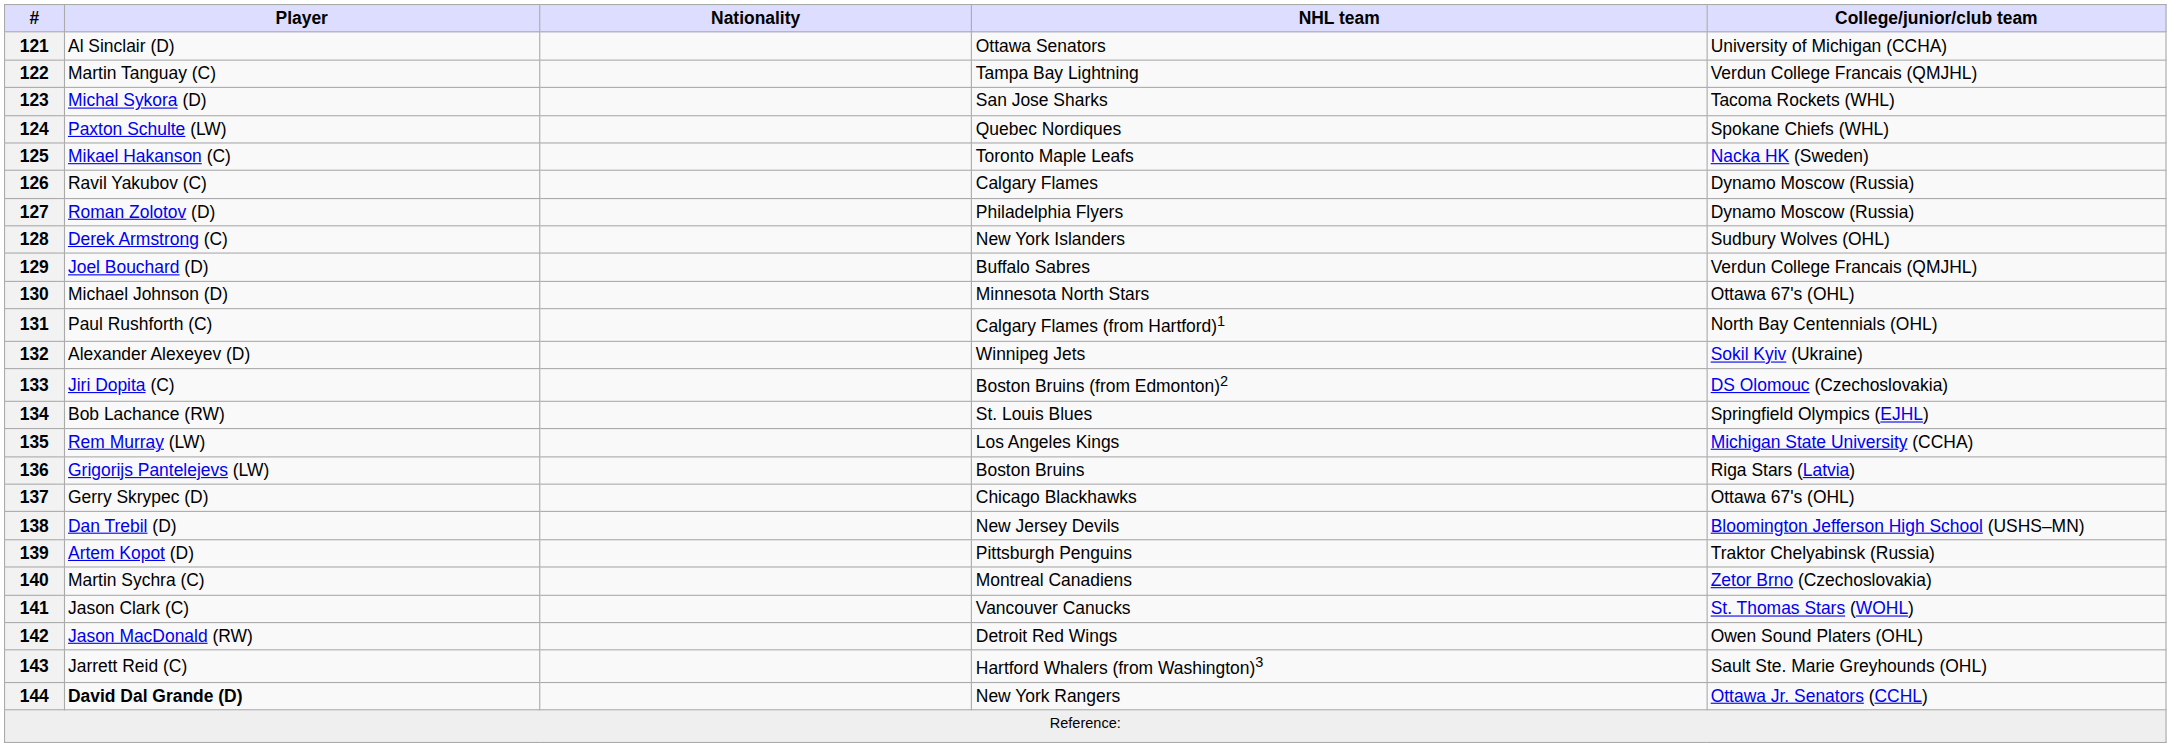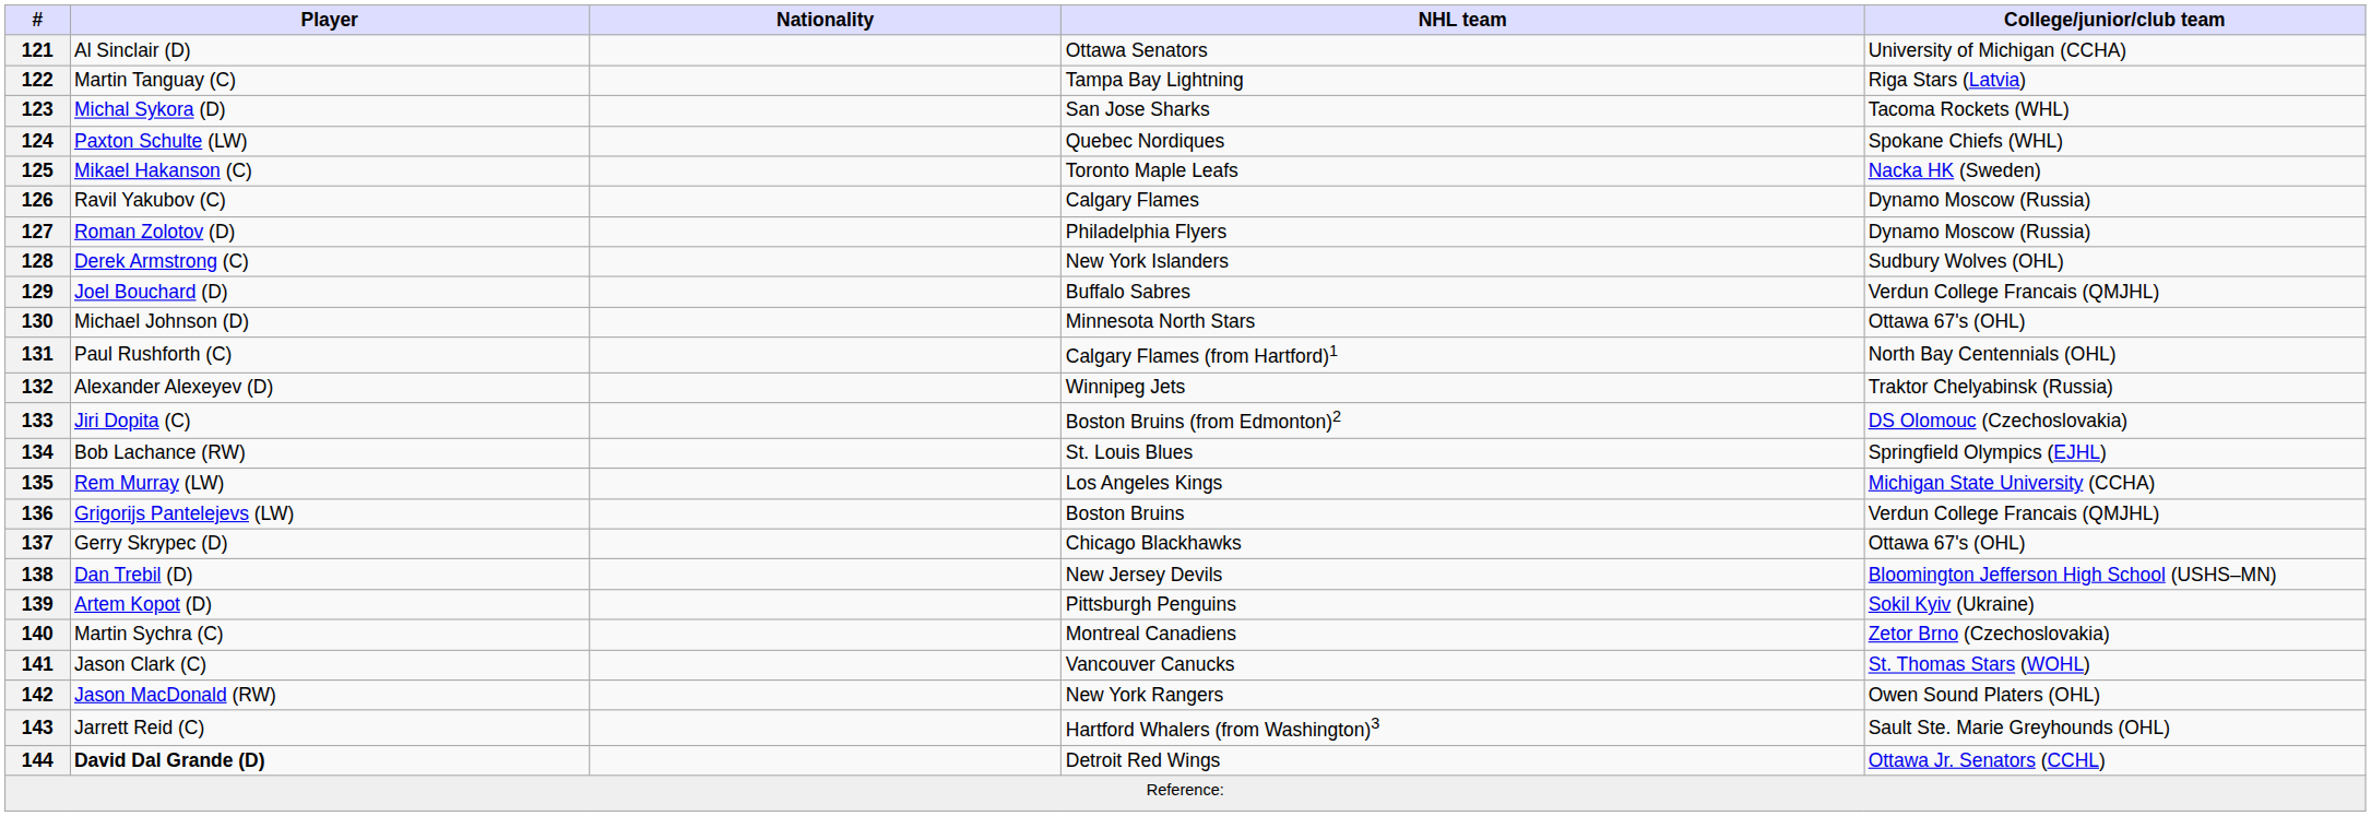 <table class="wikitable" style="width: 100%">
 <tr>
 <th style="background:#ddf; width:2.75%;">#</th>
 <th style="background:#ddf; width:22.0%;">Player</th>
 <th style="background:#ddf; width:20.0%;">Nationality</th>
 <th style="background:#ddf; width:34.0%;">NHL team</th>
 <th style="background:#ddf; width:100.0%;">College/junior/club team</th>
 </tr>
 <tr>
 <th>121</th>
 <td>Al Sinclair (D)</td>
 <td></td>
 <td>Ottawa Senators</td>
 <td>University of Michigan (CCHA)</td>
 </tr>
 <tr>
 <th>122</th>
 <td>Martin Tanguay (C)</td>
 <td></td>
 <td>Tampa Bay Lightning</td>
-<td>Verdun College Francais (QMJHL)</td>
+<td>Riga Stars (<a href='#'>Latvia</a>)</td>
 </tr>
 <tr>
 <th>123</th>
 <td><a href='#'>Michal Sykora</a> (D)</td>
 <td></td>
 <td>San Jose Sharks</td>
 <td>Tacoma Rockets (WHL)</td>
 </tr>
 <tr>
 <th>124</th>
 <td><a href='#'>Paxton Schulte</a> (LW)</td>
 <td></td>
 <td>Quebec Nordiques</td>
 <td>Spokane Chiefs (WHL)</td>
 </tr>
 <tr>
 <th>125</th>
 <td><a href='#'>Mikael Hakanson</a> (C)</td>
 <td></td>
 <td>Toronto Maple Leafs</td>
 <td><a href='#'>Nacka HK</a> (Sweden)</td>
 </tr>
 <tr>
 <th>126</th>
 <td>Ravil Yakubov (C)</td>
 <td></td>
 <td>Calgary Flames</td>
 <td>Dynamo Moscow (Russia)</td>
 </tr>
 <tr>
 <th>127</th>
 <td><a href='#'>Roman Zolotov</a> (D)</td>
 <td></td>
 <td>Philadelphia Flyers</td>
 <td>Dynamo Moscow (Russia)</td>
 </tr>
 <tr>
 <th>128</th>
 <td><a href='#'>Derek Armstrong</a> (C)</td>
 <td></td>
 <td>New York Islanders</td>
 <td>Sudbury Wolves (OHL)</td>
 </tr>
 <tr>
 <th>129</th>
 <td><a href='#'>Joel Bouchard</a> (D)</td>
 <td></td>
 <td>Buffalo Sabres</td>
 <td>Verdun College Francais (QMJHL)</td>
 </tr>
 <tr>
 <th>130</th>
 <td>Michael Johnson (D)</td>
 <td></td>
 <td>Minnesota North Stars</td>
 <td>Ottawa 67's (OHL)</td>
 </tr>
 <tr>
 <th>131</th>
 <td>Paul Rushforth (C)</td>
 <td></td>
 <td>Calgary Flames (from Hartford)<sup>1</sup></td>
 <td>North Bay Centennials (OHL)</td>
 </tr>
 <tr>
 <th>132</th>
 <td>Alexander Alexeyev (D)</td>
 <td></td>
 <td>Winnipeg Jets</td>
-<td><a href='#'>Sokil Kyiv</a> (Ukraine)</td>
+<td>Traktor Chelyabinsk (Russia)</td>
 </tr>
 <tr>
 <th>133</th>
 <td><a href='#'>Jiri Dopita</a> (C)</td>
 <td></td>
 <td>Boston Bruins (from Edmonton)<sup>2</sup></td>
 <td><a href='#'>DS Olomouc</a> (Czechoslovakia)</td>
 </tr>
 <tr>
 <th>134</th>
 <td>Bob Lachance (RW)</td>
 <td></td>
 <td>St. Louis Blues</td>
 <td>Springfield Olympics (<a href='#'>EJHL</a>)</td>
 </tr>
 <tr>
 <th>135</th>
 <td><a href='#'>Rem Murray</a> (LW)</td>
 <td></td>
 <td>Los Angeles Kings</td>
 <td><a href='#'>Michigan State University</a> (CCHA)</td>
 </tr>
 <tr>
 <th>136</th>
 <td><a href='#'>Grigorijs Pantelejevs</a> (LW)</td>
 <td></td>
 <td>Boston Bruins</td>
-<td>Riga Stars (<a href='#'>Latvia</a>)</td>
+<td>Verdun College Francais (QMJHL)</td>
 </tr>
 <tr>
 <th>137</th>
 <td>Gerry Skrypec (D)</td>
 <td></td>
 <td>Chicago Blackhawks</td>
 <td>Ottawa 67's (OHL)</td>
 </tr>
 <tr>
 <th>138</th>
 <td><a href='#'>Dan Trebil</a> (D)</td>
 <td></td>
 <td>New Jersey Devils</td>
 <td><a href='#'>Bloomington Jefferson High School</a> (USHS–MN)</td>
 </tr>
 <tr>
 <th>139</th>
 <td><a href='#'>Artem Kopot</a> (D)</td>
 <td></td>
 <td>Pittsburgh Penguins</td>
-<td>Traktor Chelyabinsk (Russia)</td>
+<td><a href='#'>Sokil Kyiv</a> (Ukraine)</td>
 </tr>
 <tr>
 <th>140</th>
 <td>Martin Sychra (C)</td>
 <td></td>
 <td>Montreal Canadiens</td>
 <td><a href='#'>Zetor Brno</a> (Czechoslovakia)</td>
 </tr>
 <tr>
 <th>141</th>
 <td>Jason Clark (C)</td>
 <td></td>
 <td>Vancouver Canucks</td>
 <td><a href='#'>St. Thomas Stars</a> (<a href='#'>WOHL</a>)</td>
 </tr>
 <tr>
 <th>142</th>
 <td><a href='#'>Jason MacDonald</a> (RW)</td>
 <td></td>
-<td>Detroit Red Wings</td>
+<td>New York Rangers</td>
 <td>Owen Sound Platers (OHL)</td>
 </tr>
 <tr>
 <th>143</th>
 <td>Jarrett Reid (C)</td>
 <td></td>
 <td>Hartford Whalers (from Washington)<sup>3</sup></td>
 <td>Sault Ste. Marie Greyhounds (OHL)</td>
 </tr>
 <tr>
 <th>144</th>
 <td><strong>David Dal Grande (D)</strong></td>
 <td></td>
-<td>New York Rangers</td>
+<td>Detroit Red Wings</td>
 <td><a href='#'>Ottawa Jr. Senators</a> (<a href='#'>CCHL</a>)</td>
 </tr>
 <tr>
 <td align=center colspan="6" bgcolor="#efefef"><sup>Reference:  </sup></td>
 </tr>
 </table>
